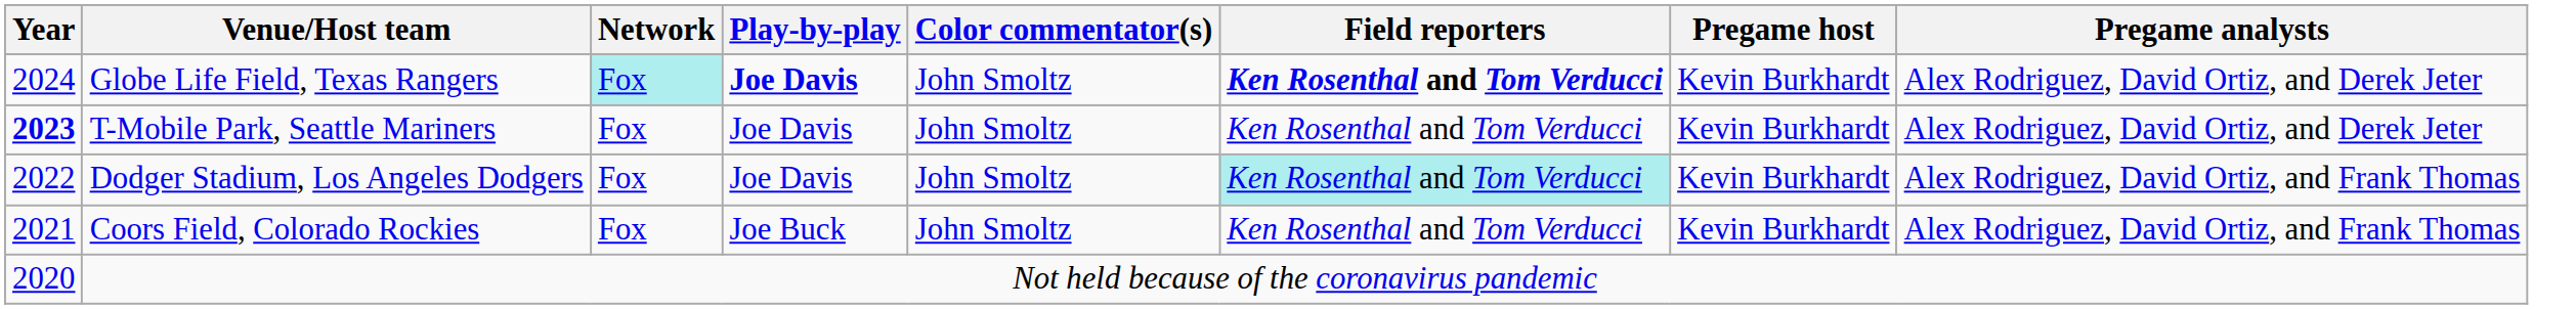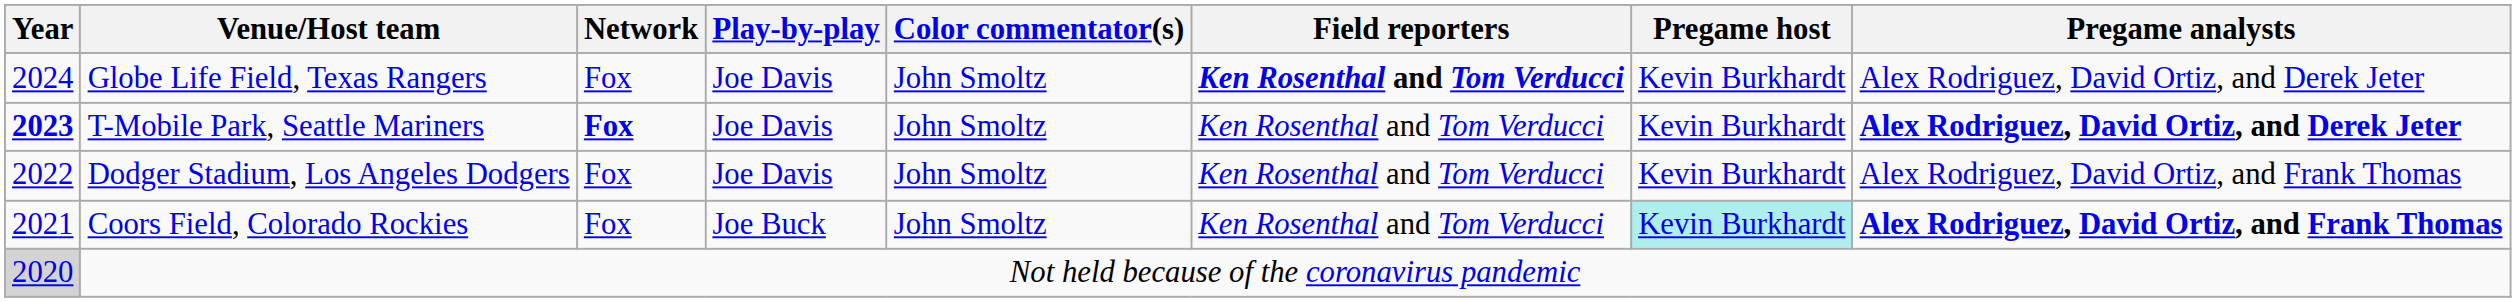 <table class="wikitable">
 <tr>
 <th>Year</th>
 <th>Venue/Host team</th>
 <th>Network</th>
 <th><a href='#'>Play-by-play</a></th>
 <th><a href='#'>Color commentator</a>(s)</th>
 <th>Field reporters</th>
 <th>Pregame host</th>
 <th>Pregame analysts</th>
 </tr>
 <tr>
 <td><a href='#'>2024</a></td>
 <td><a href='#'>Globe Life Field</a>, <a href='#'>Texas Rangers</a></td>
-<td style="background: paleturquoise;"><a href='#'>Fox</a></td>
-<td><strong><a href='#'>Joe Davis</a></strong></td>
+<td><a href='#'>Fox</a></td>
+<td><a href='#'>Joe Davis</a></td>
 <td><a href='#'>John Smoltz</a></td>
 <td><strong><em><a href='#'>Ken Rosenthal</a></em> and <em><a href='#'>Tom Verducci</a></em></strong></td>
 <td><a href='#'>Kevin Burkhardt</a></td>
 <td><a href='#'>Alex Rodriguez</a>, <a href='#'>David Ortiz</a>, and <a href='#'>Derek Jeter</a></td>
 </tr>
 <tr>
 <td><strong><a href='#'>2023</a></strong></td>
 <td><a href='#'>T-Mobile Park</a>, <a href='#'>Seattle Mariners</a></td>
-<td><a href='#'>Fox</a></td>
+<td><strong><a href='#'>Fox</a></strong></td>
 <td><a href='#'>Joe Davis</a></td>
 <td><a href='#'>John Smoltz</a></td>
 <td><em><a href='#'>Ken Rosenthal</a></em> and <em><a href='#'>Tom Verducci</a></em></td>
 <td><a href='#'>Kevin Burkhardt</a></td>
-<td><a href='#'>Alex Rodriguez</a>, <a href='#'>David Ortiz</a>, and <a href='#'>Derek Jeter</a></td>
+<td><strong><a href='#'>Alex Rodriguez</a>, <a href='#'>David Ortiz</a>, and <a href='#'>Derek Jeter</a></strong></td>
 </tr>
 <tr>
 <td><a href='#'>2022</a></td>
 <td><a href='#'>Dodger Stadium</a>, <a href='#'>Los Angeles Dodgers</a></td>
 <td><a href='#'>Fox</a></td>
 <td><a href='#'>Joe Davis</a></td>
 <td><a href='#'>John Smoltz</a></td>
-<td style="background: paleturquoise;"><em><a href='#'>Ken Rosenthal</a></em> and <em><a href='#'>Tom Verducci</a></em></td>
+<td><em><a href='#'>Ken Rosenthal</a></em> and <em><a href='#'>Tom Verducci</a></em></td>
 <td><a href='#'>Kevin Burkhardt</a></td>
 <td><a href='#'>Alex Rodriguez</a>, <a href='#'>David Ortiz</a>, and <a href='#'>Frank Thomas</a></td>
 </tr>
 <tr>
 <td><a href='#'>2021</a></td>
 <td><a href='#'>Coors Field</a>, <a href='#'>Colorado Rockies</a></td>
 <td><a href='#'>Fox</a></td>
 <td><a href='#'>Joe Buck</a></td>
 <td><a href='#'>John Smoltz</a></td>
 <td><em><a href='#'>Ken Rosenthal</a></em> and <em><a href='#'>Tom Verducci</a></em></td>
-<td><a href='#'>Kevin Burkhardt</a></td>
-<td><a href='#'>Alex Rodriguez</a>, <a href='#'>David Ortiz</a>, and <a href='#'>Frank Thomas</a></td>
+<td style="background: paleturquoise;"><a href='#'>Kevin Burkhardt</a></td>
+<td><strong><a href='#'>Alex Rodriguez</a>, <a href='#'>David Ortiz</a>, and <a href='#'>Frank Thomas</a></strong></td>
 </tr>
 <tr>
-<td><a href='#'>2020</a></td>
+<td style="background: lightgrey;"><a href='#'>2020</a></td>
 <td colspan="7" style="text-align:center;"><em>Not held because of the <a href='#'>coronavirus pandemic</a></em></td>
 </tr>
 </table>
